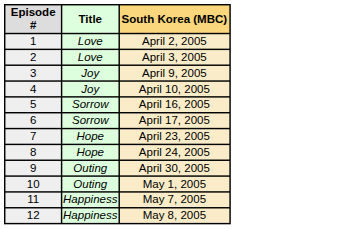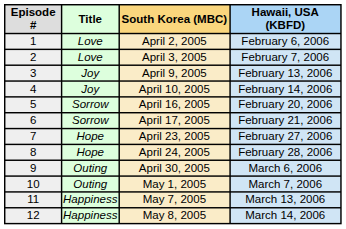 <table style="background:black;">
 <tr>
 <td width="75" bgcolor="#DDDDDD" align="center"><strong>Episode #</strong></td>
 <td width="75" bgcolor="#ddffdd" align="center"><strong>Title</strong></td>
 <td width="150" bgcolor="#fad67d" align="center"><strong>South Korea (MBC)</strong></td>
+<td width="150" bgcolor="#abd5f5" align="center"><strong>Hawaii, USA (KBFD)</strong></td>
 </tr>
 <tr>
 <td bgcolor="#efefef" align="center">1</td>
 <td bgcolor="#ddffdd" align="center"><em>Love</em></td>
 <td bgcolor="#faecc8" align="center">April 2, 2005</td>
+<td bgcolor="#d0e5f5" align="center">February 6, 2006</td>
 </tr>
 <tr>
 <td bgcolor="#efefef" align="center">2</td>
 <td bgcolor="#ddffdd" align="center"><em>Love</em></td>
 <td bgcolor="#faecc8" align="center">April 3, 2005</td>
+<td bgcolor="#d0e5f5" align="center">February 7, 2006</td>
 </tr>
 <tr>
 <td bgcolor="#efefef" align="center">3</td>
 <td bgcolor="#ddffdd" align="center"><em>Joy</em></td>
 <td bgcolor="#faecc8" align="center">April 9, 2005</td>
+<td bgcolor="#d0e5f5" align="center">February 13, 2006</td>
 </tr>
 <tr>
 <td bgcolor="#efefef" align="center">4</td>
 <td bgcolor="#ddffdd" align="center"><em>Joy</em></td>
 <td bgcolor="#faecc8" align="center">April 10, 2005</td>
+<td bgcolor="#d0e5f5" align="center">February 14, 2006</td>
 </tr>
 <tr>
 <td bgcolor="#efefef" align="center">5</td>
 <td bgcolor="#ddffdd" align="center"><em>Sorrow</em></td>
 <td bgcolor="#faecc8" align="center">April 16, 2005</td>
+<td bgcolor="#d0e5f5" align="center">February 20, 2006</td>
 </tr>
 <tr>
 <td bgcolor="#efefef" align="center">6</td>
 <td bgcolor="#ddffdd" align="center"><em>Sorrow</em></td>
 <td bgcolor="#faecc8" align="center">April 17, 2005</td>
+<td bgcolor="#d0e5f5" align="center">February 21, 2006</td>
 </tr>
 <tr>
 <td bgcolor="#efefef" align="center">7</td>
 <td bgcolor="#ddffdd" align="center"><em>Hope</em></td>
 <td bgcolor="#faecc8" align="center">April 23, 2005</td>
+<td bgcolor="#d0e5f5" align="center">February 27, 2006</td>
 </tr>
 <tr>
 <td bgcolor="#efefef" align="center">8</td>
 <td bgcolor="#ddffdd" align="center"><em>Hope</em></td>
 <td bgcolor="#faecc8" align="center">April 24, 2005</td>
+<td bgcolor="#d0e5f5" align="center">February 28, 2006</td>
 </tr>
 <tr>
 <td bgcolor="#efefef" align="center">9</td>
 <td bgcolor="#ddffdd" align="center"><em>Outing</em></td>
 <td bgcolor="#faecc8" align="center">April 30, 2005</td>
+<td bgcolor="#d0e5f5" align="center">March 6, 2006</td>
 </tr>
 <tr>
 <td bgcolor="#efefef" align="center">10</td>
 <td bgcolor="#ddffdd" align="center"><em>Outing</em></td>
 <td bgcolor="#faecc8" align="center">May 1, 2005</td>
+<td bgcolor="#d0e5f5" align="center">March 7, 2006</td>
 </tr>
 <tr>
 <td bgcolor="#efefef" align="center">11</td>
 <td bgcolor="#ddffdd" align="center"><em>Happiness</em></td>
 <td bgcolor="#faecc8" align="center">May 7, 2005</td>
+<td bgcolor="#d0e5f5" align="center">March 13, 2006</td>
 </tr>
 <tr>
 <td bgcolor="#efefef" align="center">12</td>
 <td bgcolor="#ddffdd" align="center"><em>Happiness</em></td>
 <td bgcolor="#faecc8" align="center">May 8, 2005</td>
+<td bgcolor="#d0e5f5" align="center">March 14, 2006</td>
 </tr>
 </table>
